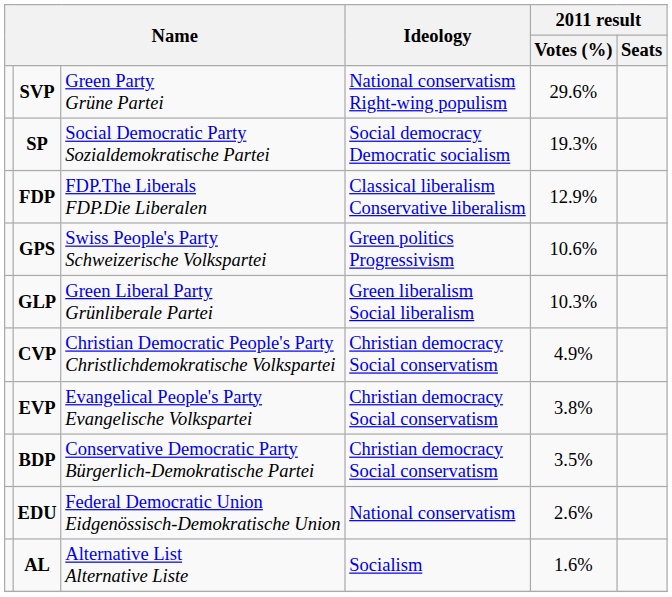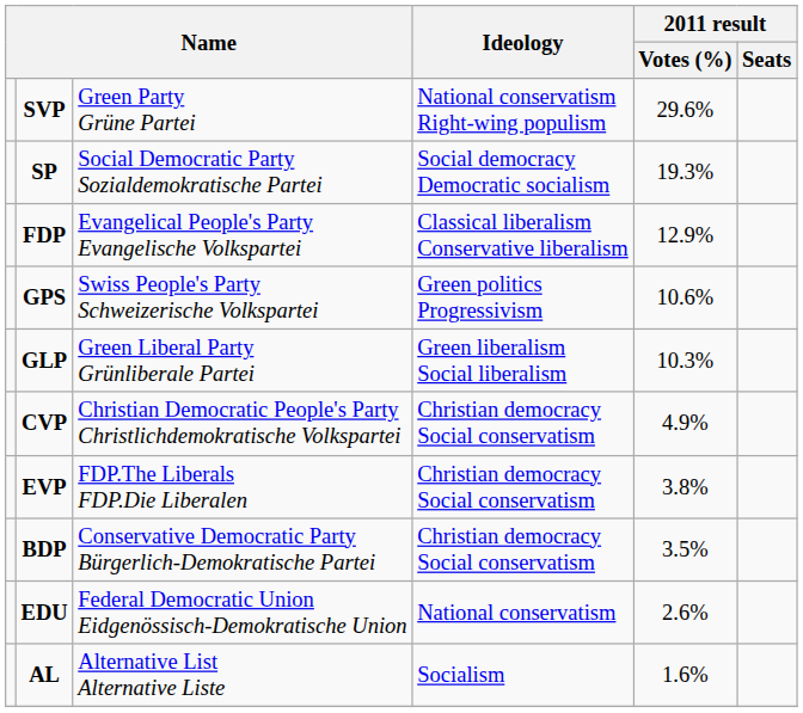 <table class="wikitable" style="font-size:95%;">
 <tr>
 <th colspan="3" rowspan="2">Name</th>
 <th rowspan="2">Ideology</th>
 <th colspan="2">2011 result</th>
 </tr>
 <tr>
 <th>Votes (%)</th>
 <th>Seats</th>
 </tr>
 <tr>
 <td style="background:"></td>
 <td style="text-align:center;"><strong>SVP</strong></td>
 <td><a href='#'>Green Party</a><br><em>Grüne Partei</em></td>
 <td><a href='#'>National conservatism</a><br><a href='#'>Right-wing populism</a></td>
 <td style="text-align:center;">29.6%</td>
 <td></td>
 </tr>
 <tr>
 <td style="background:"></td>
 <td style="text-align:center;"><strong>SP</strong></td>
 <td><a href='#'>Social Democratic Party</a><br><em>Sozialdemokratische Partei</em></td>
 <td><a href='#'>Social democracy</a><br><a href='#'>Democratic socialism</a></td>
 <td style="text-align:center;">19.3%</td>
 <td></td>
 </tr>
 <tr>
 <td style="background:"></td>
 <td style="text-align:center;"><strong>FDP</strong></td>
-<td><a href='#'>FDP.The Liberals</a><br><em>FDP.Die Liberalen</em></td>
+<td><a href='#'>Evangelical People's Party</a><br><em>Evangelische Volkspartei</em></td>
 <td><a href='#'>Classical liberalism</a><br><a href='#'>Conservative liberalism</a></td>
 <td style="text-align:center;">12.9%</td>
 <td></td>
 </tr>
 <tr>
 <td style="background:"></td>
 <td style="text-align:center;"><strong>GPS</strong></td>
 <td><a href='#'>Swiss People's Party</a><br><em>Schweizerische Volkspartei</em></td>
 <td><a href='#'>Green politics</a><br><a href='#'>Progressivism</a></td>
 <td style="text-align:center;">10.6%</td>
 <td></td>
 </tr>
 <tr>
 <td style="background:"></td>
 <td style="text-align:center;"><strong>GLP</strong></td>
 <td><a href='#'>Green Liberal Party</a><br><em>Grünliberale Partei</em></td>
 <td><a href='#'>Green liberalism</a><br><a href='#'>Social liberalism</a></td>
 <td style="text-align:center;">10.3%</td>
 <td></td>
 </tr>
 <tr>
 <td style="background:"></td>
 <td style="text-align:center;"><strong>CVP</strong></td>
 <td><a href='#'>Christian Democratic People's Party</a><br><em>Christlichdemokratische Volkspartei</em></td>
 <td><a href='#'>Christian democracy</a><br><a href='#'>Social conservatism</a></td>
 <td style="text-align:center;">4.9%</td>
 <td></td>
 </tr>
 <tr>
 <td style="background:"></td>
 <td style="text-align:center;"><strong>EVP</strong></td>
-<td><a href='#'>Evangelical People's Party</a><br><em>Evangelische Volkspartei</em></td>
+<td><a href='#'>FDP.The Liberals</a><br><em>FDP.Die Liberalen</em></td>
 <td><a href='#'>Christian democracy</a><br><a href='#'>Social conservatism</a></td>
 <td style="text-align:center;">3.8%</td>
 <td></td>
 </tr>
 <tr>
 <td style="background:"></td>
 <td style="text-align:center;"><strong>BDP</strong></td>
 <td><a href='#'>Conservative Democratic Party</a><br><em>Bürgerlich-Demokratische Partei</em></td>
 <td><a href='#'>Christian democracy</a><br><a href='#'>Social conservatism</a></td>
 <td style="text-align:center;">3.5%</td>
 <td></td>
 </tr>
 <tr>
 <td style="background:"></td>
 <td style="text-align:center;"><strong>EDU</strong></td>
 <td><a href='#'>Federal Democratic Union</a><br><em>Eidgenössisch-Demokratische Union</em></td>
 <td><a href='#'>National conservatism</a></td>
 <td style="text-align:center;">2.6%</td>
 <td></td>
 </tr>
 <tr>
 <td style="background:"></td>
 <td style="text-align:center;"><strong>AL</strong></td>
 <td><a href='#'>Alternative List</a><br><em>Alternative Liste</em></td>
 <td><a href='#'>Socialism</a></td>
 <td style="text-align:center;">1.6%</td>
 <td></td>
 </tr>
 <tr>
 </tr>
 </table>
